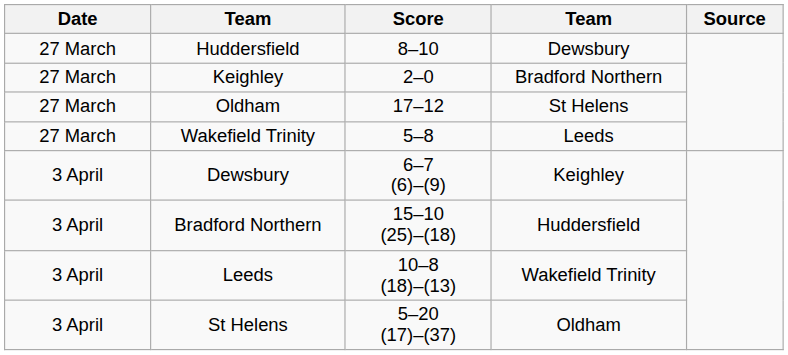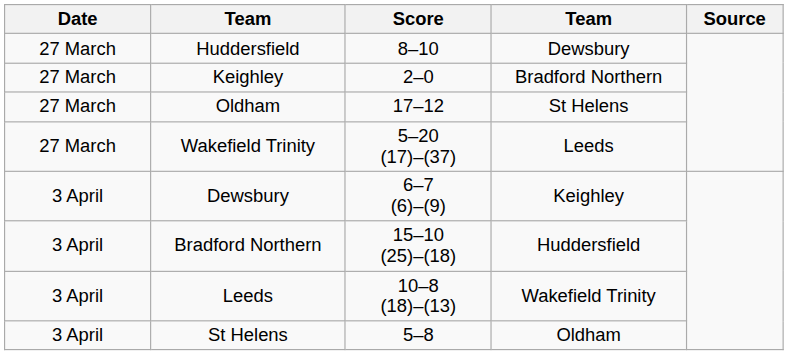 <table class="wikitable" style="text-align: center">
 <tr>
 <th width=15%>Date</th>
 <th width=20%>Team</th>
 <th width=15%>Score</th>
 <th width=20%>Team</th>
 <th width=10%>Source</th>
 </tr>
 <tr>
 <td>27 March</td>
 <td>Huddersfield</td>
 <td>8–10</td>
 <td>Dewsbury</td>
 <td rowspan="4"></td>
 </tr>
 <tr>
 <td>27 March</td>
 <td>Keighley</td>
 <td>2–0</td>
 <td>Bradford Northern</td>
 </tr>
 <tr>
 <td>27 March</td>
 <td>Oldham</td>
 <td>17–12</td>
 <td>St Helens</td>
 </tr>
 <tr>
 <td>27 March</td>
 <td>Wakefield Trinity</td>
-<td>5–8</td>
+<td>5–20<br>(17)–(37)</td>
 <td>Leeds</td>
 </tr>
 <tr>
 <td>3 April</td>
 <td>Dewsbury</td>
 <td>6–7<br>(6)–(9)</td>
 <td>Keighley</td>
 <td rowspan="4"></td>
 </tr>
 <tr>
 <td>3 April</td>
 <td>Bradford Northern</td>
 <td>15–10<br>(25)–(18)</td>
 <td>Huddersfield</td>
 </tr>
 <tr>
 <td>3 April</td>
 <td>Leeds</td>
 <td>10–8<br>(18)–(13)</td>
 <td>Wakefield Trinity</td>
 </tr>
 <tr>
 <td>3 April</td>
 <td>St Helens</td>
-<td>5–20<br>(17)–(37)</td>
+<td>5–8</td>
 <td>Oldham</td>
 </tr>
 </table>
